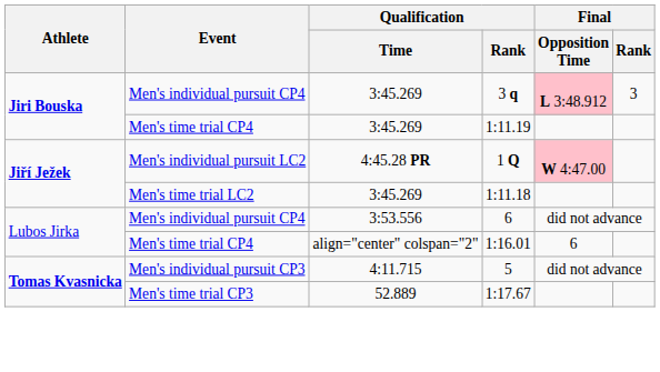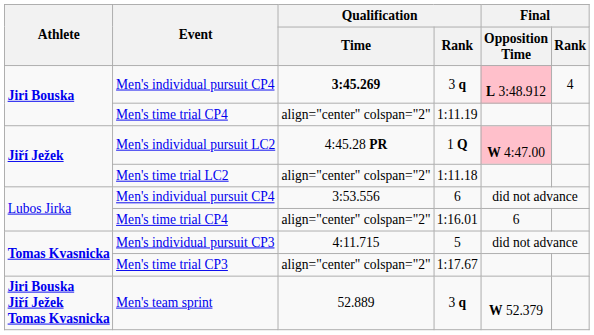 <table class=wikitable style="font-size:90%">
 <tr>
 <th rowspan="2">Athlete</th>
 <th rowspan="2">Event</th>
 <th colspan="2">Qualification</th>
 <th colspan="2">Final</th>
 </tr>
 <tr>
 <th>Time</th>
 <th>Rank</th>
 <th>Opposition<br>Time</th>
 <th>Rank</th>
 </tr>
 <tr>
 <td rowspan="2"><strong><a href='#'>Jiri Bouska</a></strong></td>
 <td><a href='#'>Men's individual pursuit CP4</a></td>
-<td align="center">3:45.269</td>
+<td align="center"><strong>3:45.269</strong></td>
 <td align="center">3 <strong>q</strong></td>
 <td align="center" style="background: pink;"><br> <strong>L</strong> 3:48.912</td>
-<td align="center">3</td>
+<td align="center">4</td>
 </tr>
 <tr>
 <td><a href='#'>Men's time trial CP4</a></td>
-<td align="center">3:45.269</td>
+<td>align="center" colspan="2" </td>
 <td align="center">1:11.19</td>
 <td align="center"></td>
 </tr>
 <tr>
 <td rowspan="2"><strong><a href='#'>Jiří Ježek</a></strong></td>
 <td><a href='#'>Men's individual pursuit LC2</a></td>
 <td align="center">4:45.28 <strong>PR</strong></td>
 <td align="center">1 <strong>Q</strong></td>
 <td align="center" style="background: pink;"><br> <strong>W</strong> 4:47.00</td>
 <td align="center"></td>
 </tr>
 <tr>
 <td><a href='#'>Men's time trial LC2</a></td>
-<td align="center">3:45.269</td>
+<td>align="center" colspan="2" </td>
 <td align="center">1:11.18</td>
 <td align="center"></td>
 </tr>
 <tr>
 <td rowspan="2"><a href='#'>Lubos Jirka</a></td>
 <td><a href='#'>Men's individual pursuit CP4</a></td>
 <td align="center">3:53.556</td>
 <td align="center">6</td>
 <td align="center" colspan="2">did not advance</td>
 </tr>
 <tr>
 <td><a href='#'>Men's time trial CP4</a></td>
 <td>align="center" colspan="2" </td>
 <td align="center">1:16.01</td>
 <td align="center">6</td>
 </tr>
 <tr>
 <td rowspan="2"><strong><a href='#'>Tomas Kvasnicka</a></strong></td>
 <td><a href='#'>Men's individual pursuit CP3</a></td>
 <td align="center">4:11.715</td>
 <td align="center">5</td>
 <td align="center" colspan="2">did not advance</td>
 </tr>
 <tr>
 <td><a href='#'>Men's time trial CP3</a></td>
-<td align="center">52.889</td>
+<td>align="center" colspan="2" </td>
 <td align="center">1:17.67</td>
 <td align="center"></td>
 </tr>
+<tr>
+<td><strong><a href='#'>Jiri Bouska</a></strong><br> <strong><a href='#'>Jiří Ježek</a></strong><br> <strong><a href='#'>Tomas Kvasnicka</a></strong></td>
+<td><a href='#'>Men's team sprint</a></td>
+<td align="center">52.889</td>
+<td align="center">3 <strong>q</strong></td>
+<td align="center"><br> <strong>W</strong> 52.379</td>
+<td align="center"></td>
+</tr>
 </table>
